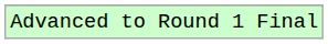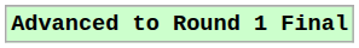 <table class="wikitable">
 <tr>
 </tr>
 <tr width=10px bgcolor="#ccffcc">
-<td>Advanced to Round 1 Final</td>
+<td><strong>Advanced to Round 1 Final</strong></td>
 </tr>
 </table>
